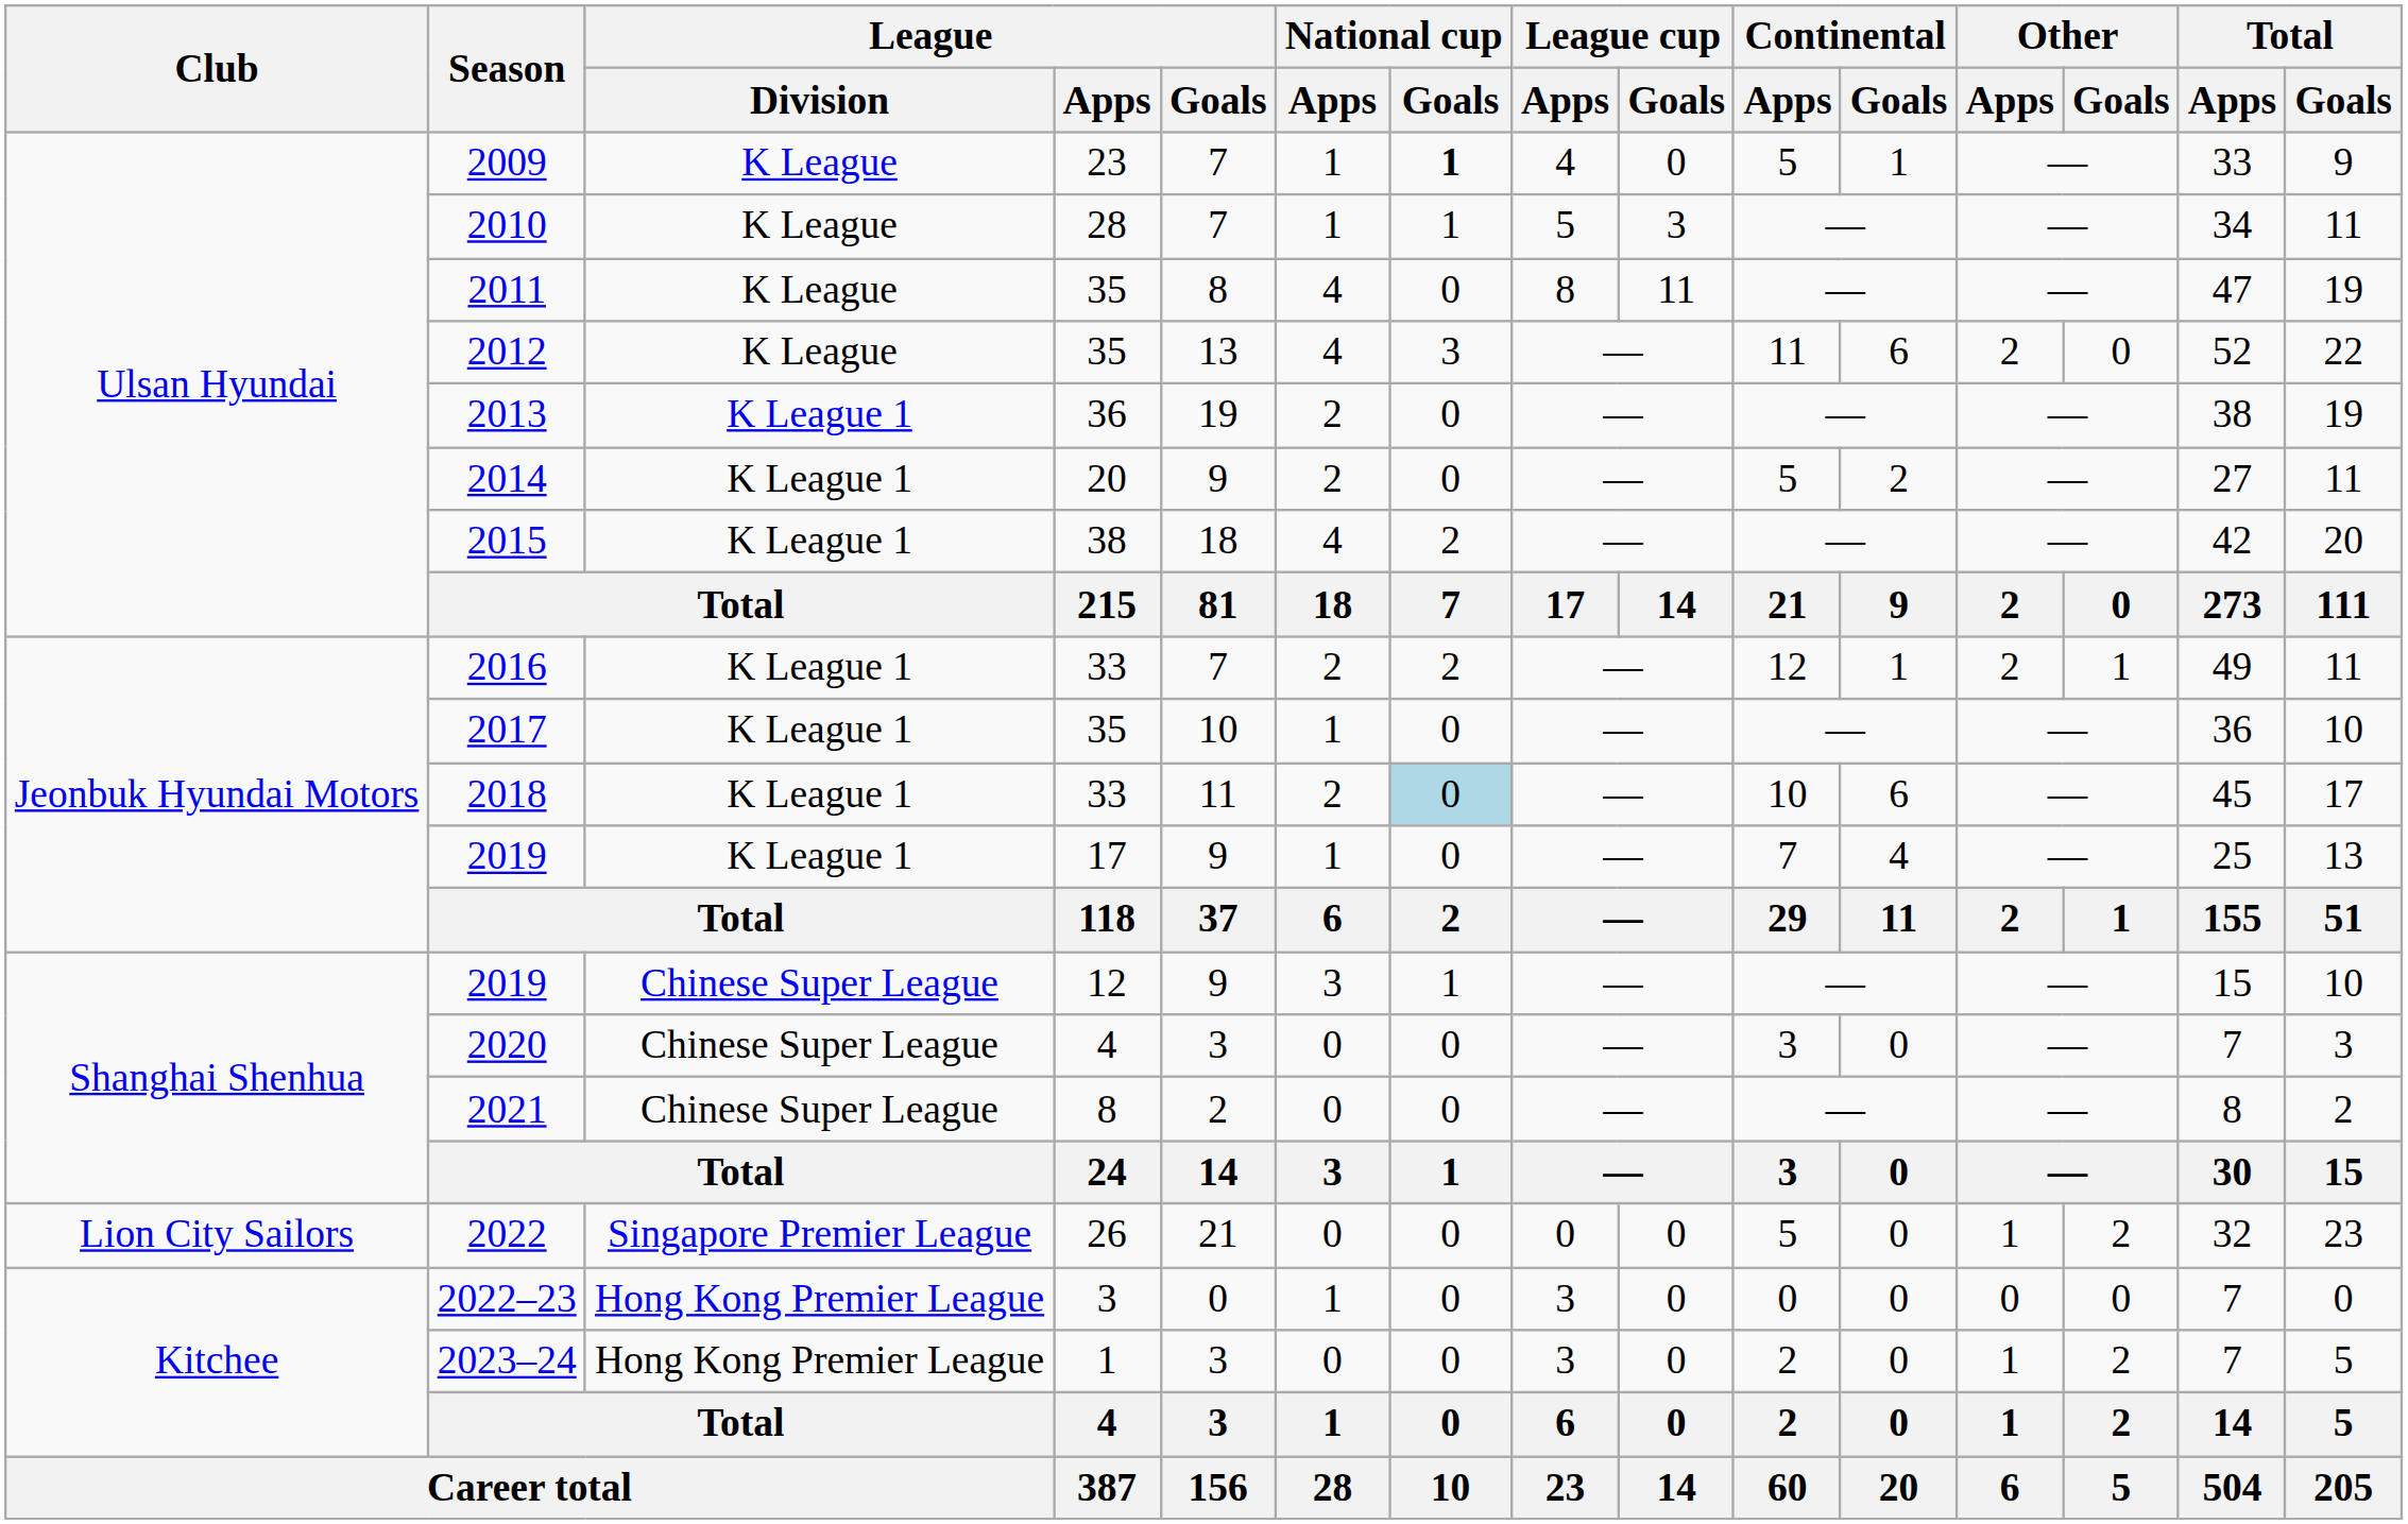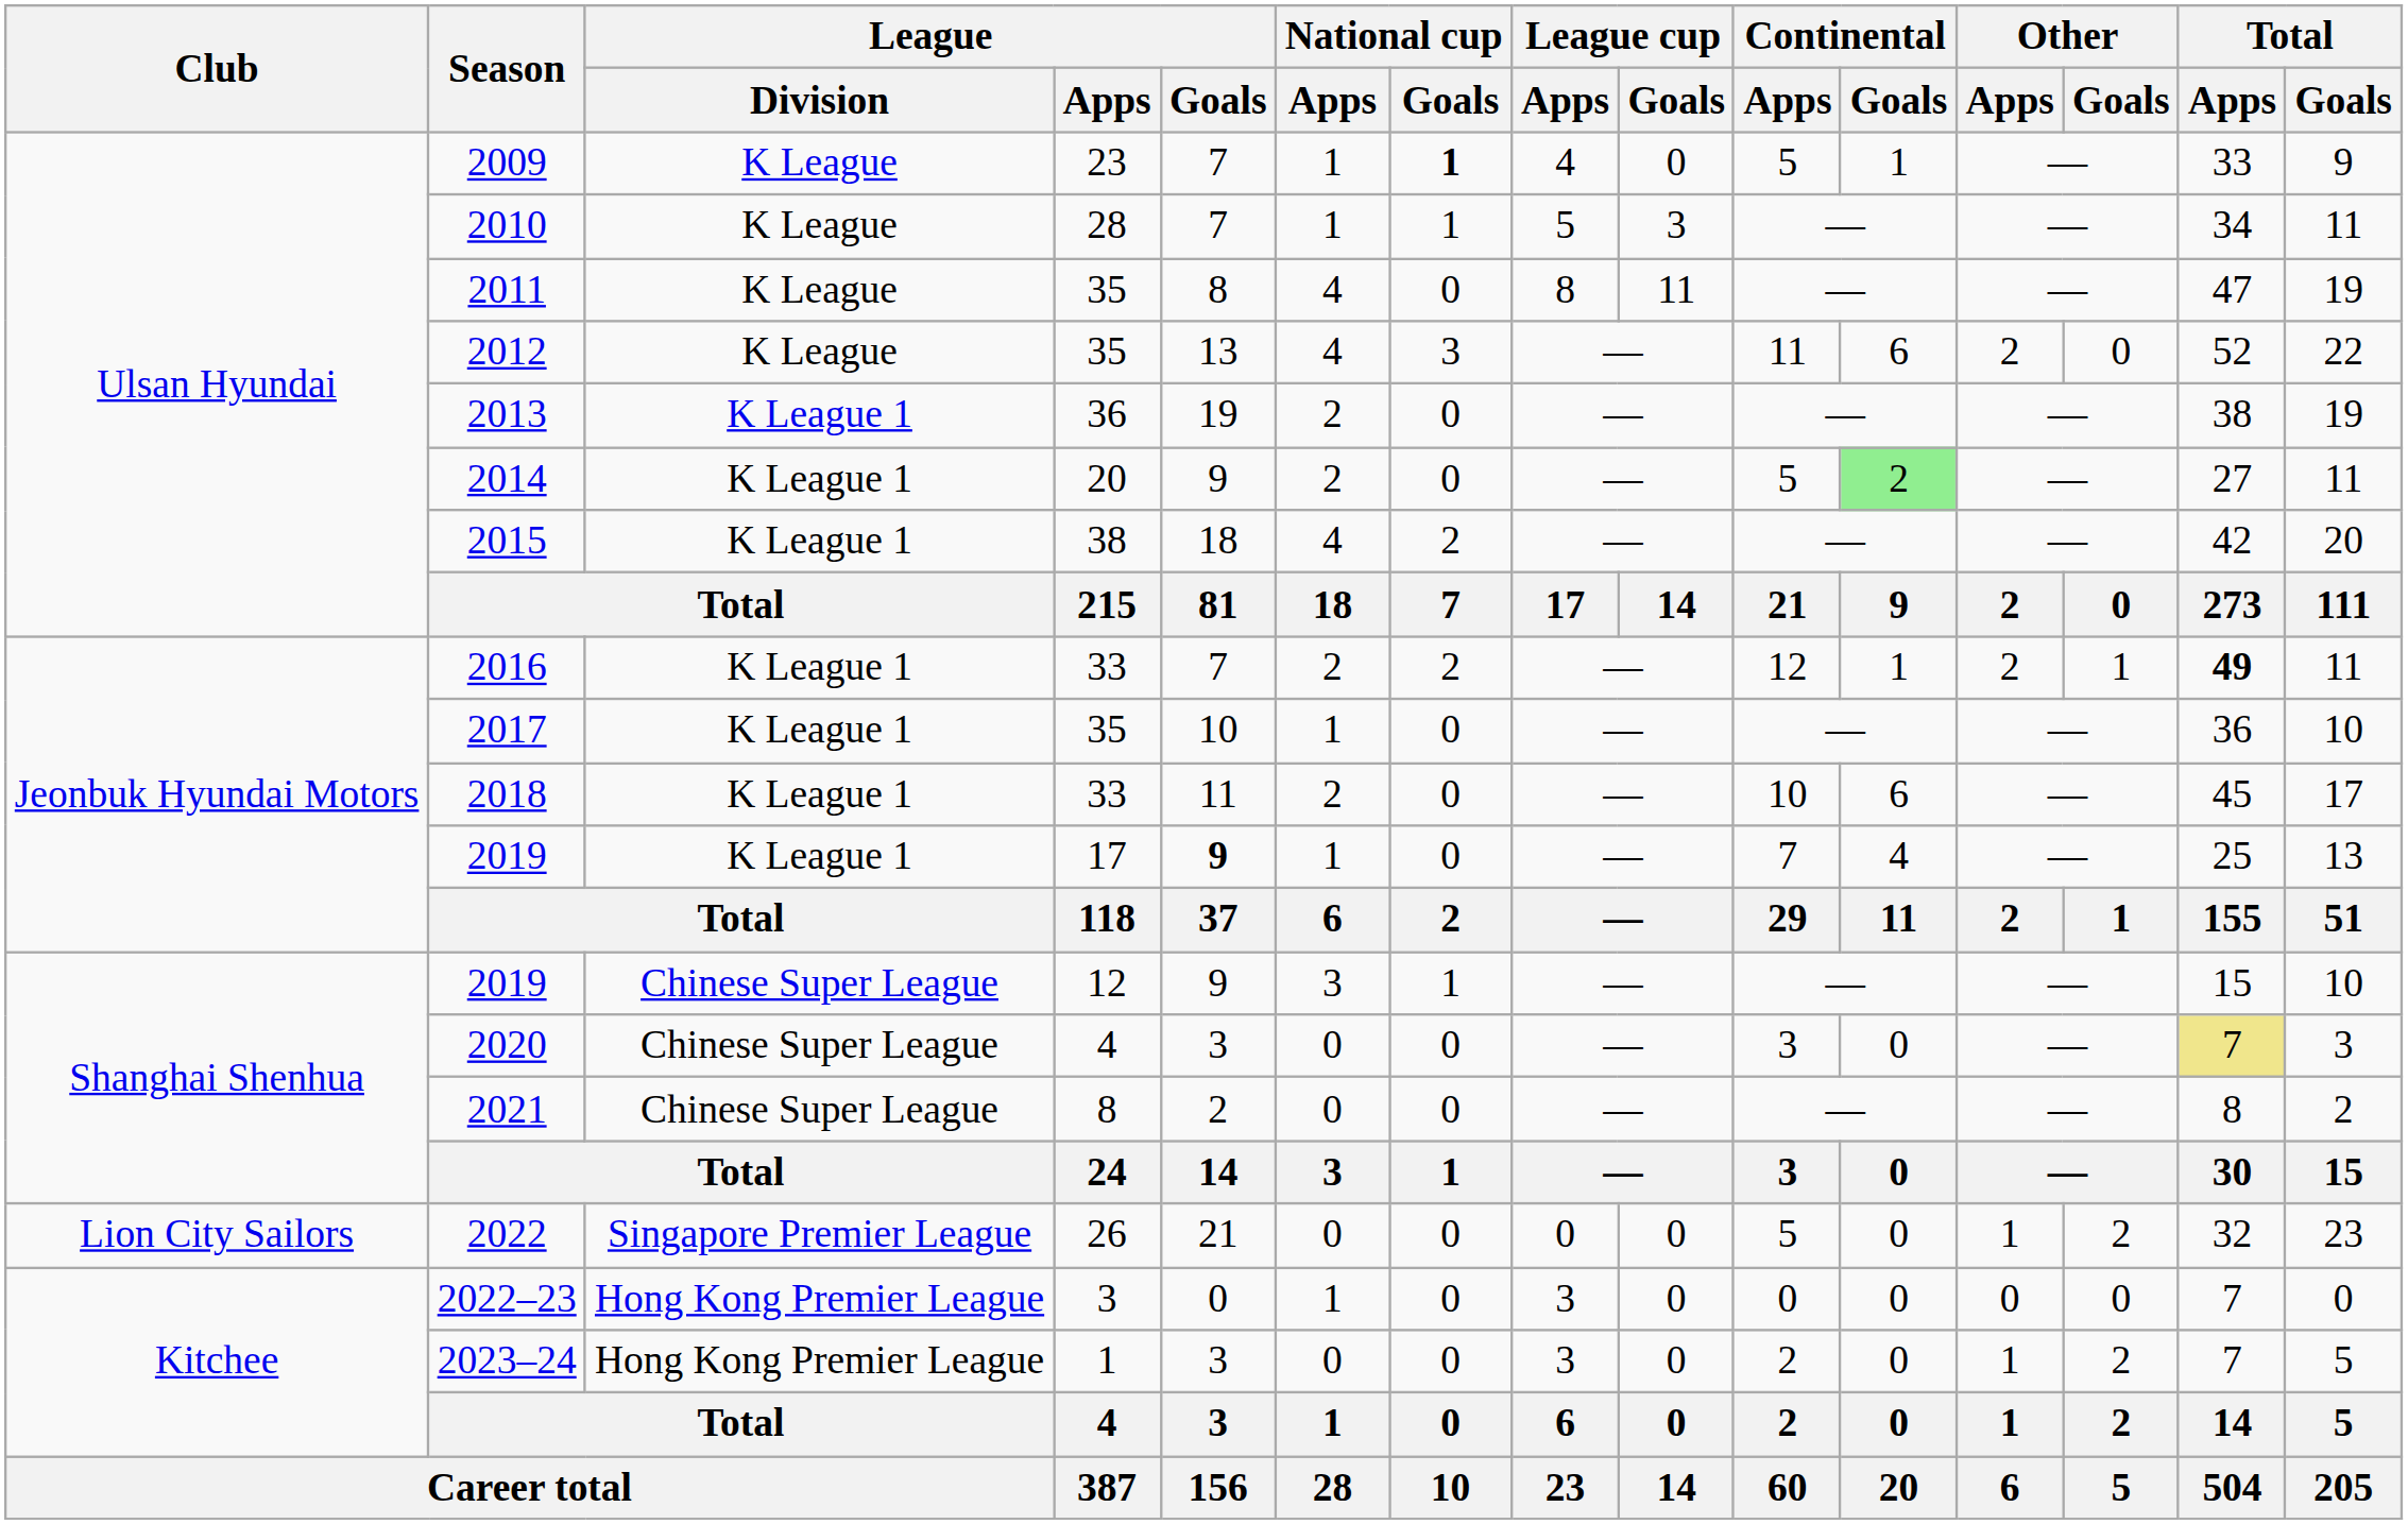 <table class="wikitable" style="text-align: center">
 <tr>
 <th rowspan="2">Club</th>
 <th rowspan="2">Season</th>
 <th colspan="3">League</th>
 <th colspan="2">National cup</th>
 <th colspan="2">League cup</th>
 <th colspan="2">Continental</th>
 <th colspan="2">Other</th>
 <th colspan="2">Total</th>
 </tr>
 <tr>
 <th>Division</th>
 <th>Apps</th>
 <th>Goals</th>
 <th>Apps</th>
 <th>Goals</th>
 <th>Apps</th>
 <th>Goals</th>
 <th>Apps</th>
 <th>Goals</th>
 <th>Apps</th>
 <th>Goals</th>
 <th>Apps</th>
 <th>Goals</th>
 </tr>
 <tr>
 <td rowspan="8"><a href='#'>Ulsan Hyundai</a></td>
 <td><a href='#'>2009</a></td>
 <td><a href='#'>K League</a></td>
 <td>23</td>
 <td>7</td>
 <td>1</td>
 <td><strong>1</strong></td>
 <td>4</td>
 <td>0</td>
 <td>5</td>
 <td>1</td>
 <td colspan="2">—</td>
 <td>33</td>
 <td>9</td>
 </tr>
 <tr>
 <td><a href='#'>2010</a></td>
 <td>K League</td>
 <td>28</td>
 <td>7</td>
 <td>1</td>
 <td>1</td>
 <td>5</td>
 <td>3</td>
 <td colspan="2">—</td>
 <td colspan="2">—</td>
 <td>34</td>
 <td>11</td>
 </tr>
 <tr>
 <td><a href='#'>2011</a></td>
 <td>K League</td>
 <td>35</td>
 <td>8</td>
 <td>4</td>
 <td>0</td>
 <td>8</td>
 <td>11</td>
 <td colspan="2">—</td>
 <td colspan="2">—</td>
 <td>47</td>
 <td>19</td>
 </tr>
 <tr>
 <td><a href='#'>2012</a></td>
 <td>K League</td>
 <td>35</td>
 <td>13</td>
 <td>4</td>
 <td>3</td>
 <td colspan="2">—</td>
 <td>11</td>
 <td>6</td>
 <td>2</td>
 <td>0</td>
 <td>52</td>
 <td>22</td>
 </tr>
 <tr>
 <td><a href='#'>2013</a></td>
 <td><a href='#'>K League 1</a></td>
 <td>36</td>
 <td>19</td>
 <td>2</td>
 <td>0</td>
 <td colspan="2">—</td>
 <td colspan="2">—</td>
 <td colspan="2">—</td>
 <td>38</td>
 <td>19</td>
 </tr>
 <tr>
 <td><a href='#'>2014</a></td>
 <td>K League 1</td>
 <td>20</td>
 <td>9</td>
 <td>2</td>
 <td>0</td>
 <td colspan="2">—</td>
 <td>5</td>
-<td>2</td>
+<td style="background: lightgreen;">2</td>
 <td colspan="2">—</td>
 <td>27</td>
 <td>11</td>
 </tr>
 <tr>
 <td><a href='#'>2015</a></td>
 <td>K League 1</td>
 <td>38</td>
 <td>18</td>
 <td>4</td>
 <td>2</td>
 <td colspan="2">—</td>
 <td colspan="2">—</td>
 <td colspan="2">—</td>
 <td>42</td>
 <td>20</td>
 </tr>
 <tr>
 <th colspan="2">Total</th>
 <th>215</th>
 <th>81</th>
 <th>18</th>
 <th>7</th>
 <th>17</th>
 <th>14</th>
 <th>21</th>
 <th>9</th>
 <th>2</th>
 <th>0</th>
 <th>273</th>
 <th>111</th>
 </tr>
 <tr>
 <td rowspan="5"><a href='#'>Jeonbuk Hyundai Motors</a></td>
 <td><a href='#'>2016</a></td>
 <td>K League 1</td>
 <td>33</td>
 <td>7</td>
 <td>2</td>
 <td>2</td>
 <td colspan="2">—</td>
 <td>12</td>
 <td>1</td>
 <td>2</td>
 <td>1</td>
-<td>49</td>
+<td><strong>49</strong></td>
 <td>11</td>
 </tr>
 <tr>
 <td><a href='#'>2017</a></td>
 <td>K League 1</td>
 <td>35</td>
 <td>10</td>
 <td>1</td>
 <td>0</td>
 <td colspan="2">—</td>
 <td colspan="2">—</td>
 <td colspan="2">—</td>
 <td>36</td>
 <td>10</td>
 </tr>
 <tr>
 <td><a href='#'>2018</a></td>
 <td>K League 1</td>
 <td>33</td>
 <td>11</td>
 <td>2</td>
-<td style="background: lightblue;">0</td>
+<td>0</td>
 <td colspan="2">—</td>
 <td>10</td>
 <td>6</td>
 <td colspan="2">—</td>
 <td>45</td>
 <td>17</td>
 </tr>
 <tr>
 <td><a href='#'>2019</a></td>
 <td>K League 1</td>
 <td>17</td>
-<td>9</td>
+<td><strong>9</strong></td>
 <td>1</td>
 <td>0</td>
 <td colspan="2">—</td>
 <td>7</td>
 <td>4</td>
 <td colspan="2">—</td>
 <td>25</td>
 <td>13</td>
 </tr>
 <tr>
 <th colspan="2">Total</th>
 <th>118</th>
 <th>37</th>
 <th>6</th>
 <th>2</th>
 <th colspan="2">—</th>
 <th>29</th>
 <th>11</th>
 <th>2</th>
 <th>1</th>
 <th>155</th>
 <th>51</th>
 </tr>
 <tr>
 <td rowspan="4"><a href='#'>Shanghai Shenhua</a></td>
 <td><a href='#'>2019</a></td>
 <td><a href='#'>Chinese Super League</a></td>
 <td>12</td>
 <td>9</td>
 <td>3</td>
 <td>1</td>
 <td colspan="2">—</td>
 <td colspan="2">—</td>
 <td colspan="2">—</td>
 <td>15</td>
 <td>10</td>
 </tr>
 <tr>
 <td><a href='#'>2020</a></td>
 <td>Chinese Super League</td>
 <td>4</td>
 <td>3</td>
 <td>0</td>
 <td>0</td>
 <td colspan="2">—</td>
 <td>3</td>
 <td>0</td>
 <td colspan="2">—</td>
-<td>7</td>
+<td style="background: khaki;">7</td>
 <td>3</td>
 </tr>
 <tr>
 <td><a href='#'>2021</a></td>
 <td>Chinese Super League</td>
 <td>8</td>
 <td>2</td>
 <td>0</td>
 <td>0</td>
 <td colspan="2">—</td>
 <td colspan="2">—</td>
 <td colspan="2">—</td>
 <td>8</td>
 <td>2</td>
 </tr>
 <tr>
 <th colspan="2">Total</th>
 <th>24</th>
 <th>14</th>
 <th>3</th>
 <th>1</th>
 <th colspan="2">—</th>
 <th>3</th>
 <th>0</th>
 <th colspan="2">—</th>
 <th>30</th>
 <th>15</th>
 </tr>
 <tr>
 <td><a href='#'>Lion City Sailors</a></td>
 <td><a href='#'>2022</a></td>
 <td><a href='#'>Singapore Premier League</a></td>
 <td>26</td>
 <td>21</td>
 <td>0</td>
 <td>0</td>
 <td>0</td>
 <td>0</td>
 <td>5</td>
 <td>0</td>
 <td>1</td>
 <td>2</td>
 <td>32</td>
 <td>23</td>
 </tr>
 <tr>
 <td rowspan="3"><a href='#'>Kitchee</a></td>
 <td><a href='#'>2022–23</a></td>
 <td><a href='#'>Hong Kong Premier League</a></td>
 <td>3</td>
 <td>0</td>
 <td>1</td>
 <td>0</td>
 <td>3</td>
 <td>0</td>
 <td>0</td>
 <td>0</td>
 <td>0</td>
 <td>0</td>
 <td>7</td>
 <td>0</td>
 </tr>
 <tr>
 <td><a href='#'>2023–24</a></td>
 <td>Hong Kong Premier League</td>
 <td>1</td>
 <td>3</td>
 <td>0</td>
 <td>0</td>
 <td>3</td>
 <td>0</td>
 <td>2</td>
 <td>0</td>
 <td>1</td>
 <td>2</td>
 <td>7</td>
 <td>5</td>
 </tr>
 <tr>
 <th colspan="2">Total</th>
 <th>4</th>
 <th>3</th>
 <th>1</th>
 <th>0</th>
 <th>6</th>
 <th>0</th>
 <th>2</th>
 <th>0</th>
 <th>1</th>
 <th>2</th>
 <th>14</th>
 <th>5</th>
 </tr>
 <tr>
 <th colspan="3">Career total</th>
 <th>387</th>
 <th>156</th>
 <th>28</th>
 <th>10</th>
 <th>23</th>
 <th>14</th>
 <th>60</th>
 <th>20</th>
 <th>6</th>
 <th>5</th>
 <th>504</th>
 <th>205</th>
 </tr>
 </table>
